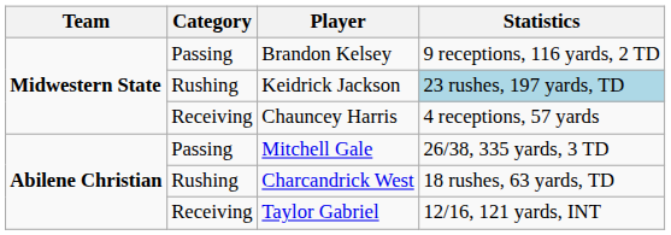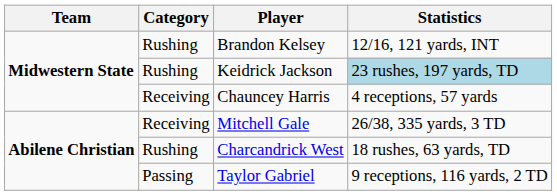 <table class="wikitable" style="float: left;">
 <tr>
 <th>Team</th>
 <th>Category</th>
 <th>Player</th>
 <th>Statistics</th>
 </tr>
 <tr>
 <td rowspan=3><strong>Midwestern State</strong></td>
-<td>Passing</td>
+<td>Rushing</td>
 <td>Brandon Kelsey</td>
-<td>9 receptions, 116 yards, 2 TD</td>
+<td>12/16, 121 yards, INT</td>
 </tr>
 <tr>
 <td>Rushing</td>
 <td>Keidrick Jackson</td>
 <td style="background: lightblue;">23 rushes, 197 yards, TD</td>
 </tr>
 <tr>
 <td>Receiving</td>
 <td>Chauncey Harris</td>
 <td>4 receptions, 57 yards</td>
 </tr>
 <tr>
 <td rowspan=3><strong>Abilene Christian</strong></td>
-<td>Passing</td>
+<td>Receiving</td>
 <td><a href='#'>Mitchell Gale</a></td>
 <td>26/38, 335 yards, 3 TD</td>
 </tr>
 <tr>
 <td>Rushing</td>
 <td><a href='#'>Charcandrick West</a></td>
 <td>18 rushes, 63 yards, TD</td>
 </tr>
 <tr>
-<td>Receiving</td>
+<td>Passing</td>
 <td><a href='#'>Taylor Gabriel</a></td>
-<td>12/16, 121 yards, INT</td>
+<td>9 receptions, 116 yards, 2 TD</td>
 </tr>
 </table>
